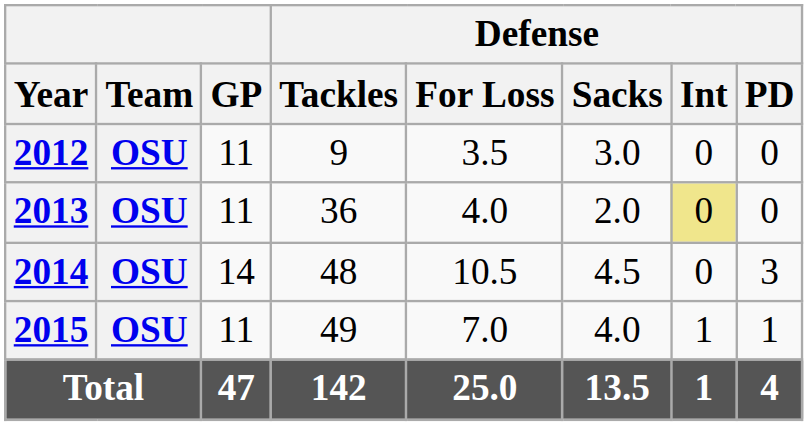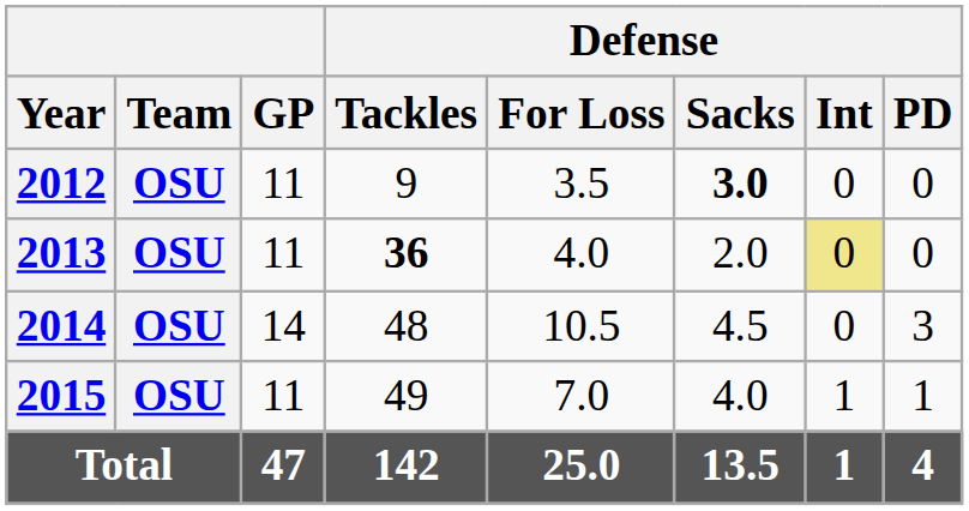 <table class="wikitable" style="text-align:center;">
 <tr>
 <th colspan=3></th>
 <th colspan=5>Defense</th>
 </tr>
 <tr>
 <th>Year</th>
 <th>Team</th>
 <th>GP</th>
 <th>Tackles</th>
 <th>For Loss</th>
 <th>Sacks</th>
 <th>Int</th>
 <th>PD</th>
 </tr>
 <tr>
 <th><a href='#'>2012</a></th>
 <th><a href='#'>OSU</a></th>
 <td>11</td>
 <td>9</td>
 <td>3.5</td>
-<td>3.0</td>
+<td><strong>3.0</strong></td>
 <td>0</td>
 <td>0</td>
 </tr>
 <tr>
 <th><a href='#'>2013</a></th>
 <th><a href='#'>OSU</a></th>
 <td>11</td>
-<td>36</td>
+<td><strong>36</strong></td>
 <td>4.0</td>
 <td>2.0</td>
 <td style="background: khaki;">0</td>
 <td>0</td>
 </tr>
 <tr>
 <th><a href='#'>2014</a></th>
 <th><a href='#'>OSU</a></th>
 <td>14</td>
 <td>48</td>
 <td>10.5</td>
 <td>4.5</td>
 <td>0</td>
 <td>3</td>
 </tr>
 <tr>
 <th><a href='#'>2015</a></th>
 <th><a href='#'>OSU</a></th>
 <td>11</td>
 <td>49</td>
 <td>7.0</td>
 <td>4.0</td>
 <td>1</td>
 <td>1</td>
 </tr>
 <tr style="background:#555; font-weight:bold; color:white;">
 <td colspan=2>Total</td>
 <td>47</td>
 <td>142</td>
 <td>25.0</td>
 <td>13.5</td>
 <td>1</td>
 <td>4</td>
 </tr>
 </table>
